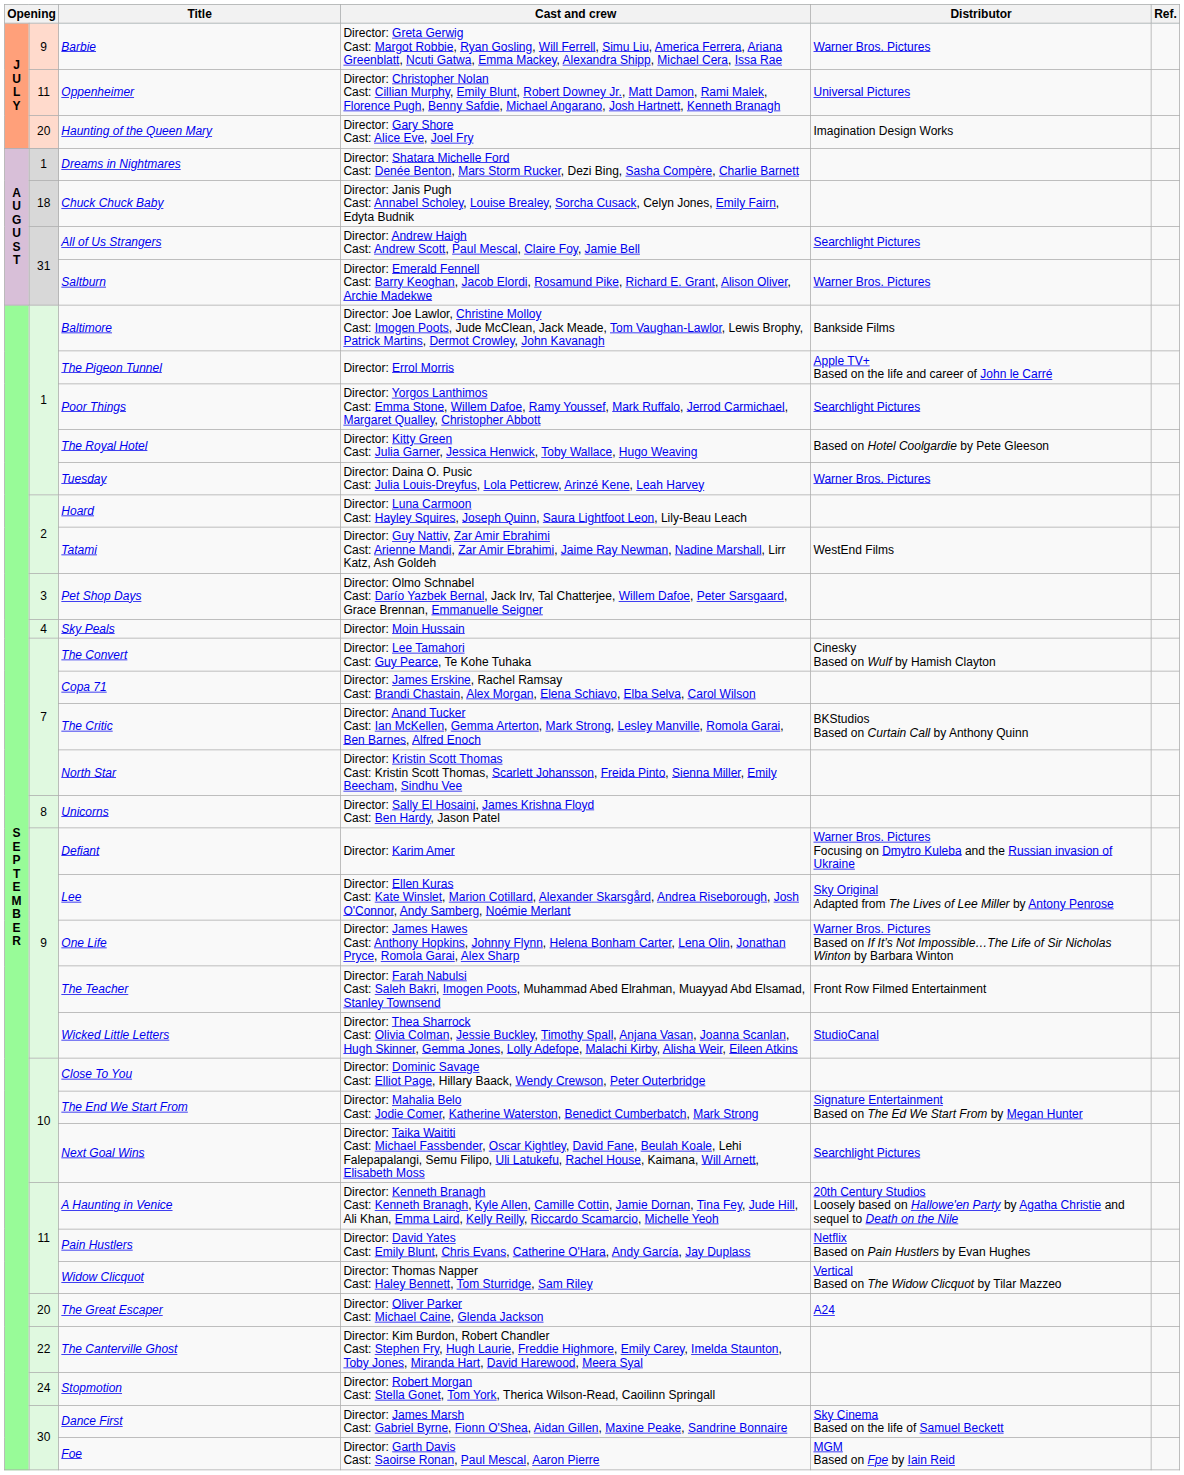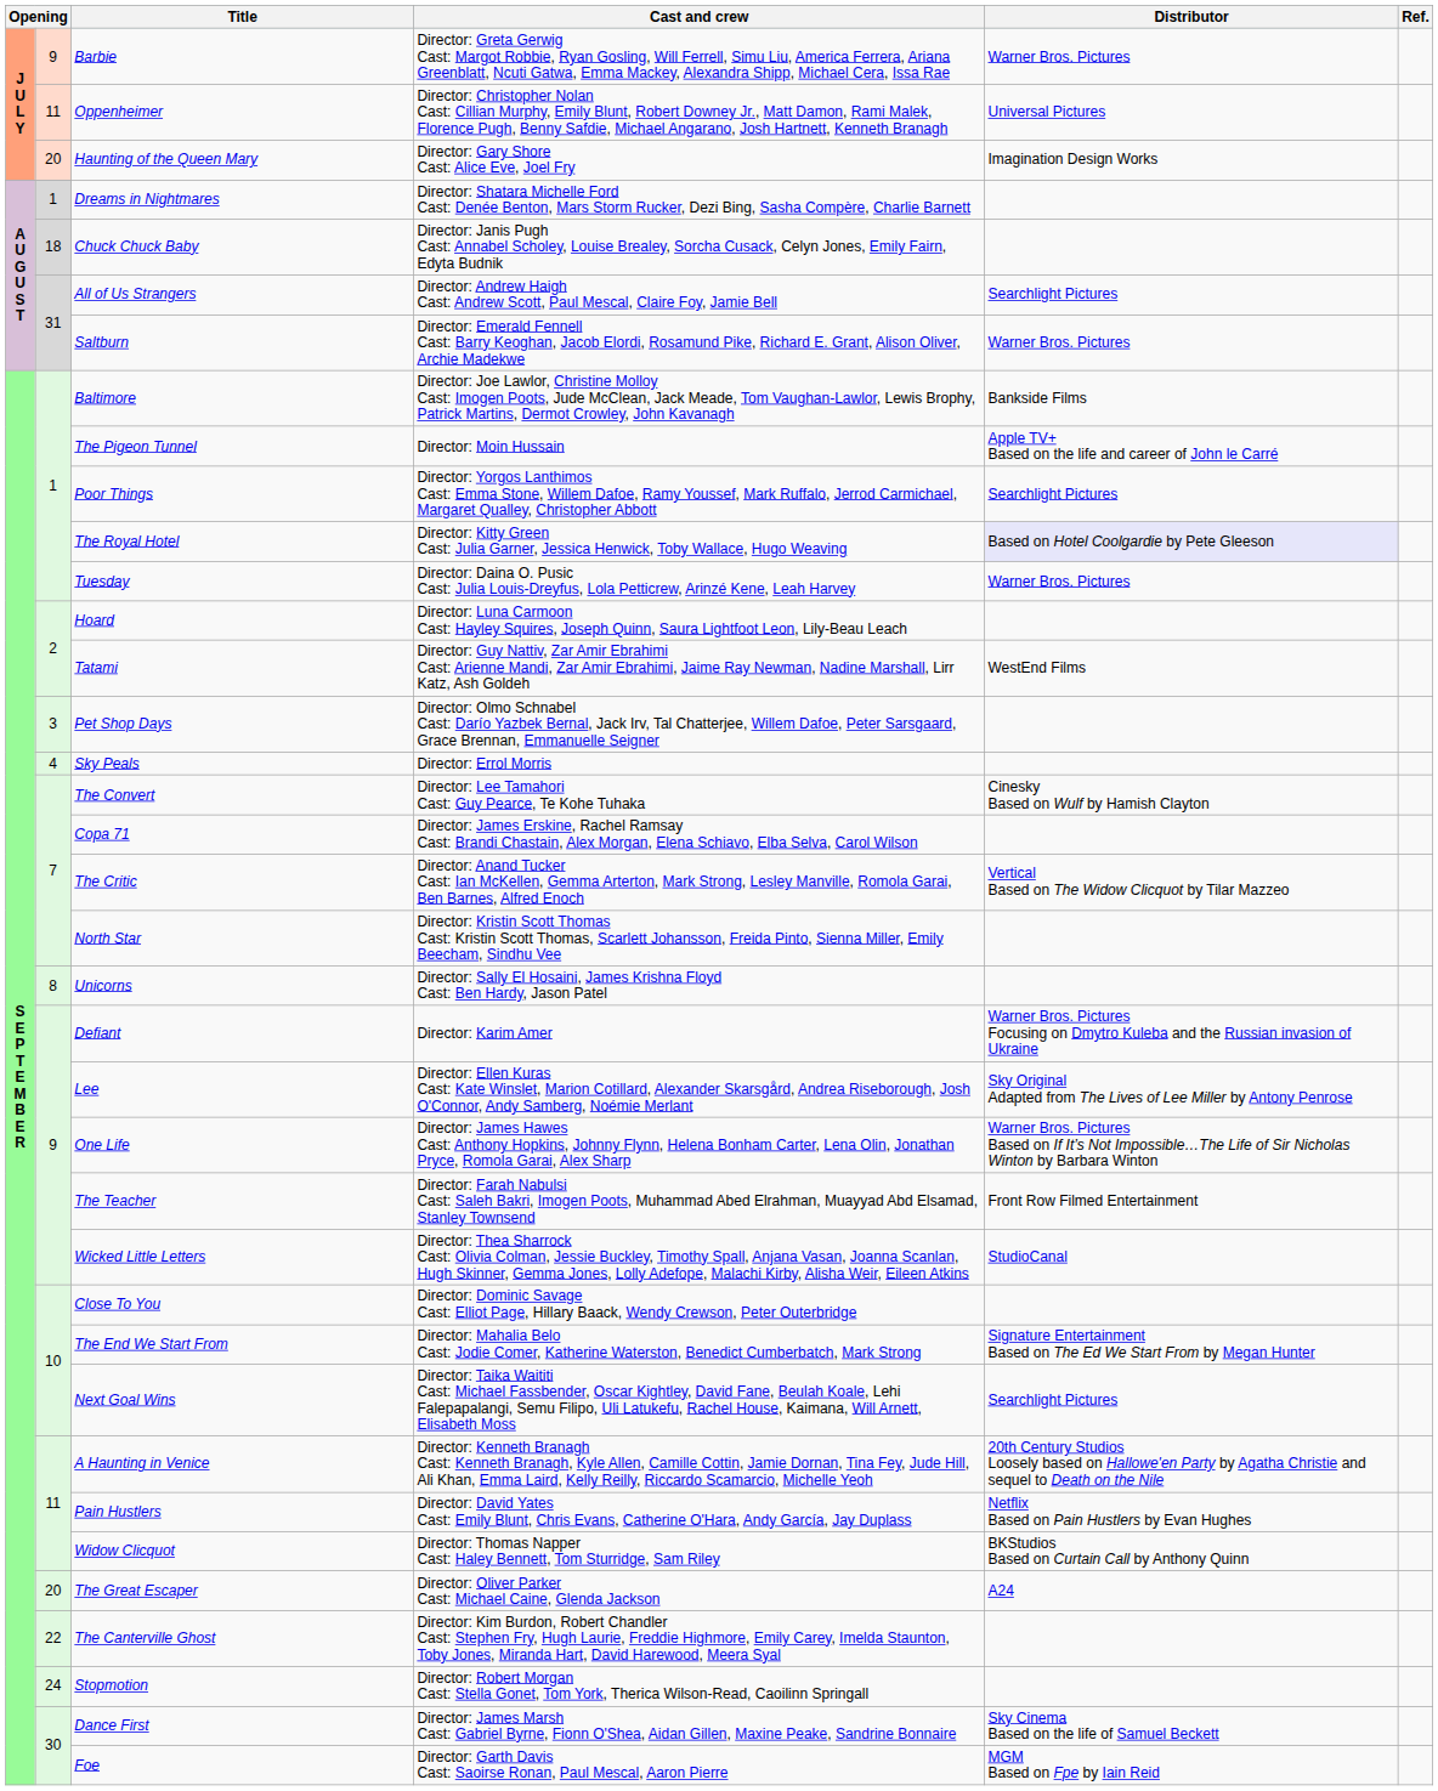 <table class="wikitable">
 <tr style="background:#b0e0e6; text-align:center;">
 <th colspan="2">Opening</th>
 <th style="width:24%;">Title</th>
 <th style="width:40%;">Cast and crew</th>
 <th>Distributor</th>
 <th style="width:2%;">Ref.</th>
 </tr>
 <tr>
 <th rowspan="3" style="text-align:center; background:#ffa07a; textcolor:#000;">J<br>U<br>L<br>Y<br></th>
 <td rowspan="1" style="text-align:center; background:#ffdacc;">9</td>
 <td><em><a href='#'>Barbie</a></em></td>
 <td>Director: <a href='#'>Greta Gerwig</a> <br> Cast: <a href='#'>Margot Robbie</a>, <a href='#'>Ryan Gosling</a>, <a href='#'>Will Ferrell</a>, <a href='#'>Simu Liu</a>, <a href='#'>America Ferrera</a>, <a href='#'>Ariana Greenblatt</a>, <a href='#'>Ncuti Gatwa</a>, <a href='#'>Emma Mackey</a>, <a href='#'>Alexandra Shipp</a>, <a href='#'>Michael Cera</a>, <a href='#'>Issa Rae</a></td>
 <td><a href='#'>Warner Bros. Pictures</a></td>
 <td style="text-align:center"></td>
 </tr>
 <tr>
 <td rowspan="1" style="text-align:center; background:#ffdacc;">11</td>
 <td><em><a href='#'>Oppenheimer</a></em></td>
 <td>Director: <a href='#'>Christopher Nolan</a> <br> Cast: <a href='#'>Cillian Murphy</a>, <a href='#'>Emily Blunt</a>, <a href='#'>Robert Downey Jr.</a>, <a href='#'>Matt Damon</a>, <a href='#'>Rami Malek</a>, <a href='#'>Florence Pugh</a>, <a href='#'>Benny Safdie</a>, <a href='#'>Michael Angarano</a>, <a href='#'>Josh Hartnett</a>, <a href='#'>Kenneth Branagh</a></td>
 <td><a href='#'>Universal Pictures</a></td>
 <td style="text-align:center"></td>
 </tr>
 <tr>
 <td rowspan="1" style="text-align:center; background:#ffdacc;">20</td>
 <td><em><a href='#'>Haunting of the Queen Mary</a></em></td>
 <td>Director: <a href='#'>Gary Shore</a> <br> Cast: <a href='#'>Alice Eve</a>, <a href='#'>Joel Fry</a></td>
 <td>Imagination Design Works</td>
 <td style="text-align:center"></td>
 </tr>
 <tr>
 <th rowspan="4" style="text-align:center; background:thistle; textcolor:#000;">A<br>U<br>G<br>U<br>S<br>T</th>
 <td rowspan="1" style="text-align:center; background:#d8d8d8;">1</td>
 <td><em><a href='#'>Dreams in Nightmares</a></em></td>
 <td>Director: <a href='#'>Shatara Michelle Ford</a> <br> Cast: <a href='#'>Denée Benton</a>, <a href='#'>Mars Storm Rucker</a>, Dezi Bing, <a href='#'>Sasha Compère</a>, <a href='#'>Charlie Barnett</a></td>
 <td></td>
 <td></td>
 </tr>
 <tr>
 <td rowspan="1" style="text-align:center; background:#d8d8d8;">18</td>
 <td><em><a href='#'>Chuck Chuck Baby</a></em></td>
 <td>Director: Janis Pugh <br> Cast: <a href='#'>Annabel Scholey</a>, <a href='#'>Louise Brealey</a>, <a href='#'>Sorcha Cusack</a>, Celyn Jones, <a href='#'>Emily Fairn</a>, Edyta Budnik</td>
 <td></td>
 <td style="text-align:center"></td>
 </tr>
 <tr>
 <td rowspan="2" style="text-align:center; background:#d8d8d8;">31</td>
 <td><em><a href='#'>All of Us Strangers</a></em></td>
 <td>Director: <a href='#'>Andrew Haigh</a> <br> Cast: <a href='#'>Andrew Scott</a>, <a href='#'>Paul Mescal</a>, <a href='#'>Claire Foy</a>, <a href='#'>Jamie Bell</a></td>
 <td><a href='#'>Searchlight Pictures</a></td>
 <td style="text-align:center"></td>
 </tr>
 <tr>
 <td><em><a href='#'>Saltburn</a></em></td>
 <td>Director: <a href='#'>Emerald Fennell</a> <br> Cast: <a href='#'>Barry Keoghan</a>, <a href='#'>Jacob Elordi</a>, <a href='#'>Rosamund Pike</a>, <a href='#'>Richard E. Grant</a>, <a href='#'>Alison Oliver</a>, <a href='#'>Archie Madekwe</a></td>
 <td><a href='#'>Warner Bros. Pictures</a></td>
 <td style="text-align:center"></td>
 </tr>
 <tr>
 <th rowspan="30" style="text-align:center; background:#98fb98; textcolor:#000;">S<br>E<br>P<br>T<br>E<br>M<br>B<br>E<br>R</th>
 <td rowspan="5" style="text-align:center; background:#e0f9e0;">1</td>
 <td><em><a href='#'>Baltimore</a></em></td>
 <td>Director: Joe Lawlor, <a href='#'>Christine Molloy</a> <br> Cast: <a href='#'>Imogen Poots</a>, Jude McClean, Jack Meade, <a href='#'>Tom Vaughan-Lawlor</a>, Lewis Brophy, <a href='#'>Patrick Martins</a>, <a href='#'>Dermot Crowley</a>, <a href='#'>John Kavanagh</a></td>
 <td>Bankside Films</td>
 <td></td>
 </tr>
 <tr>
 <td><em><a href='#'>The Pigeon Tunnel</a></em></td>
-<td>Director: <a href='#'>Errol Morris</a></td>
+<td>Director: <a href='#'>Moin Hussain</a></td>
 <td><a href='#'>Apple TV+</a> <br> Based on the life and career of <a href='#'>John le Carré</a></td>
 <td style="text-align:center"></td>
 </tr>
 <tr>
 <td><em><a href='#'>Poor Things</a></em></td>
 <td>Director: <a href='#'>Yorgos Lanthimos</a> <br> Cast: <a href='#'>Emma Stone</a>, <a href='#'>Willem Dafoe</a>, <a href='#'>Ramy Youssef</a>, <a href='#'>Mark Ruffalo</a>, <a href='#'>Jerrod Carmichael</a>, <a href='#'>Margaret Qualley</a>, <a href='#'>Christopher Abbott</a></td>
 <td><a href='#'>Searchlight Pictures</a></td>
 <td style="text-align:center"></td>
 </tr>
 <tr>
 <td><em><a href='#'>The Royal Hotel</a></em></td>
 <td>Director: <a href='#'>Kitty Green</a> <br> Cast: <a href='#'>Julia Garner</a>, <a href='#'>Jessica Henwick</a>, <a href='#'>Toby Wallace</a>, <a href='#'>Hugo Weaving</a></td>
-<td>Based on <em>Hotel Coolgardie</em> by Pete Gleeson</td>
+<td style="background: lavender;">Based on <em>Hotel Coolgardie</em> by Pete Gleeson</td>
 <td></td>
 </tr>
 <tr>
 <td><em><a href='#'>Tuesday</a></em></td>
 <td>Director: Daina O. Pusic <br> Cast: <a href='#'>Julia Louis-Dreyfus</a>, <a href='#'>Lola Petticrew</a>, <a href='#'>Arinzé Kene</a>, <a href='#'>Leah Harvey</a></td>
 <td><a href='#'>Warner Bros. Pictures</a></td>
 <td style="text-align:center"></td>
 </tr>
 <tr>
 <td rowspan="2" style="text-align:center; background:#e0f9e0;">2</td>
 <td><em><a href='#'>Hoard</a></em></td>
 <td>Director: <a href='#'>Luna Carmoon</a> <br> Cast: <a href='#'>Hayley Squires</a>, <a href='#'>Joseph Quinn</a>, <a href='#'>Saura Lightfoot Leon</a>, Lily-Beau Leach</td>
 <td></td>
 <td style="text-align:center"></td>
 </tr>
 <tr>
 <td><em><a href='#'>Tatami</a></em></td>
 <td>Director: <a href='#'>Guy Nattiv</a>, <a href='#'>Zar Amir Ebrahimi</a> <br> Cast: <a href='#'>Arienne Mandi</a>, <a href='#'>Zar Amir Ebrahimi</a>, <a href='#'>Jaime Ray Newman</a>, <a href='#'>Nadine Marshall</a>, Lirr Katz, Ash Goldeh</td>
 <td>WestEnd Films</td>
 <td style="text-align:center"></td>
 </tr>
 <tr>
 <td rowspan="1" style="text-align:center; background:#e0f9e0;">3</td>
 <td><em><a href='#'>Pet Shop Days</a></em></td>
 <td>Director: Olmo Schnabel <br> Cast: <a href='#'>Darío Yazbek Bernal</a>, Jack Irv, Tal Chatterjee, <a href='#'>Willem Dafoe</a>, <a href='#'>Peter Sarsgaard</a>, Grace Brennan, <a href='#'>Emmanuelle Seigner</a></td>
 <td></td>
 <td style="text-align:center"></td>
 </tr>
 <tr>
 <td rowspan="1" style="text-align:center; background:#e0f9e0;">4</td>
 <td><em><a href='#'>Sky Peals</a></em></td>
-<td>Director: <a href='#'>Moin Hussain</a></td>
+<td>Director: <a href='#'>Errol Morris</a></td>
 <td></td>
 <td></td>
 </tr>
 <tr>
 <td rowspan="4" style="text-align:center; background:#e0f9e0;">7</td>
 <td><em><a href='#'>The Convert</a></em></td>
 <td>Director: <a href='#'>Lee Tamahori</a> <br> Cast: <a href='#'>Guy Pearce</a>, Te Kohe Tuhaka</td>
 <td>Cinesky <br> Based on <em>Wulf</em> by Hamish Clayton</td>
 <td></td>
 </tr>
 <tr>
 <td><em><a href='#'>Copa 71</a></em></td>
 <td>Director: <a href='#'>James Erskine</a>, Rachel Ramsay <br> Cast: <a href='#'>Brandi Chastain</a>, <a href='#'>Alex Morgan</a>, <a href='#'>Elena Schiavo</a>, <a href='#'>Elba Selva</a>, <a href='#'>Carol Wilson</a></td>
 <td></td>
 <td></td>
 </tr>
 <tr>
 <td><em><a href='#'>The Critic</a></em></td>
 <td>Director: <a href='#'>Anand Tucker</a> <br> Cast: <a href='#'>Ian McKellen</a>, <a href='#'>Gemma Arterton</a>, <a href='#'>Mark Strong</a>, <a href='#'>Lesley Manville</a>, <a href='#'>Romola Garai</a>, <a href='#'>Ben Barnes</a>, <a href='#'>Alfred Enoch</a></td>
-<td>BKStudios <br> Based on <em>Curtain Call</em> by Anthony Quinn</td>
+<td><a href='#'>Vertical</a> <br> Based on <em>The Widow Clicquot</em> by Tilar Mazzeo</td>
 <td style="text-align:center"></td>
 </tr>
 <tr>
 <td><em><a href='#'>North Star</a></em></td>
 <td>Director: <a href='#'>Kristin Scott Thomas</a> <br> Cast: Kristin Scott Thomas, <a href='#'>Scarlett Johansson</a>, <a href='#'>Freida Pinto</a>, <a href='#'>Sienna Miller</a>, <a href='#'>Emily Beecham</a>, <a href='#'>Sindhu Vee</a></td>
 <td></td>
 <td style="text-align:center"></td>
 </tr>
 <tr>
 <td rowspan="1" style="text-align:center; background:#e0f9e0;">8</td>
 <td><em><a href='#'>Unicorns</a></em></td>
 <td>Director: <a href='#'>Sally El Hosaini</a>, <a href='#'>James Krishna Floyd</a> <br> Cast: <a href='#'>Ben Hardy</a>, Jason Patel</td>
 <td></td>
 <td style="text-align:center"></td>
 </tr>
 <tr>
 <td rowspan="5" style="text-align:center; background:#e0f9e0;">9</td>
 <td><em><a href='#'>Defiant</a></em></td>
 <td>Director: <a href='#'>Karim Amer</a></td>
 <td><a href='#'>Warner Bros. Pictures</a> <br> Focusing on <a href='#'>Dmytro Kuleba</a> and the <a href='#'>Russian invasion of Ukraine</a></td>
 <td style="text-align:center"></td>
 </tr>
 <tr>
 <td><em><a href='#'>Lee</a></em></td>
 <td>Director: <a href='#'>Ellen Kuras</a> <br> Cast: <a href='#'>Kate Winslet</a>, <a href='#'>Marion Cotillard</a>, <a href='#'>Alexander Skarsgård</a>, <a href='#'>Andrea Riseborough</a>, <a href='#'>Josh O'Connor</a>, <a href='#'>Andy Samberg</a>, <a href='#'>Noémie Merlant</a></td>
 <td><a href='#'>Sky Original</a> <br> Adapted from <em>The Lives of Lee Miller</em> by <a href='#'>Antony Penrose</a></td>
 <td style="text-align:center"></td>
 </tr>
 <tr>
 <td><em><a href='#'>One Life</a></em></td>
 <td>Director: <a href='#'>James Hawes</a> <br> Cast: <a href='#'>Anthony Hopkins</a>, <a href='#'>Johnny Flynn</a>, <a href='#'>Helena Bonham Carter</a>, <a href='#'>Lena Olin</a>, <a href='#'>Jonathan Pryce</a>, <a href='#'>Romola Garai</a>, <a href='#'>Alex Sharp</a></td>
 <td><a href='#'>Warner Bros. Pictures</a> <br> Based on <em>If It’s Not Impossible…The Life of Sir Nicholas Winton</em> by Barbara Winton</td>
 <td style="text-align:center"></td>
 </tr>
 <tr>
 <td><em><a href='#'>The Teacher</a></em></td>
 <td>Director: <a href='#'>Farah Nabulsi</a> <br> Cast: <a href='#'>Saleh Bakri</a>, <a href='#'>Imogen Poots</a>, Muhammad Abed Elrahman, Muayyad Abd Elsamad, <a href='#'>Stanley Townsend</a></td>
 <td>Front Row Filmed Entertainment <br></td>
 <td style="text-align:center"></td>
 </tr>
 <tr>
 <td><em><a href='#'>Wicked Little Letters</a></em></td>
 <td>Director: <a href='#'>Thea Sharrock</a> <br> Cast: <a href='#'>Olivia Colman</a>, <a href='#'>Jessie Buckley</a>, <a href='#'>Timothy Spall</a>, <a href='#'>Anjana Vasan</a>, <a href='#'>Joanna Scanlan</a>, <a href='#'>Hugh Skinner</a>, <a href='#'>Gemma Jones</a>, <a href='#'>Lolly Adefope</a>, <a href='#'>Malachi Kirby</a>, <a href='#'>Alisha Weir</a>, <a href='#'>Eileen Atkins</a></td>
 <td><a href='#'>StudioCanal</a></td>
 <td style="text-align:center"></td>
 </tr>
 <tr>
 <td rowspan="3" style="text-align:center; background:#e0f9e0;">10</td>
 <td><em><a href='#'>Close To You</a></em></td>
 <td>Director: <a href='#'>Dominic Savage</a> <br> Cast: <a href='#'>Elliot Page</a>, Hillary Baack, <a href='#'>Wendy Crewson</a>, <a href='#'>Peter Outerbridge</a></td>
 <td></td>
 <td style="text-align:center"></td>
 </tr>
 <tr>
 <td><em><a href='#'>The End We Start From</a></em></td>
 <td>Director: <a href='#'>Mahalia Belo</a> <br> Cast: <a href='#'>Jodie Comer</a>, <a href='#'>Katherine Waterston</a>, <a href='#'>Benedict Cumberbatch</a>, <a href='#'>Mark Strong</a></td>
 <td><a href='#'>Signature Entertainment</a> <br> Based on <em>The Ed We Start From</em> by <a href='#'>Megan Hunter</a></td>
 <td style="text-align:center"></td>
 </tr>
 <tr>
 <td><em><a href='#'>Next Goal Wins</a></em></td>
 <td>Director: <a href='#'>Taika Waititi</a> <br> Cast: <a href='#'>Michael Fassbender</a>, <a href='#'>Oscar Kightley</a>, <a href='#'>David Fane</a>, <a href='#'>Beulah Koale</a>, Lehi Falepapalangi, Semu Filipo, <a href='#'>Uli Latukefu</a>, <a href='#'>Rachel House</a>, Kaimana, <a href='#'>Will Arnett</a>, <a href='#'>Elisabeth Moss</a></td>
 <td><a href='#'>Searchlight Pictures</a></td>
 <td style="text-align:center"></td>
 </tr>
 <tr>
 <td rowspan="3" style="text-align:center; background:#e0f9e0;">11</td>
 <td><em><a href='#'>A Haunting in Venice</a></em></td>
 <td>Director: <a href='#'>Kenneth Branagh</a> <br> Cast: <a href='#'>Kenneth Branagh</a>, <a href='#'>Kyle Allen</a>, <a href='#'>Camille Cottin</a>, <a href='#'>Jamie Dornan</a>, <a href='#'>Tina Fey</a>, <a href='#'>Jude Hill</a>, Ali Khan, <a href='#'>Emma Laird</a>, <a href='#'>Kelly Reilly</a>, <a href='#'>Riccardo Scamarcio</a>, <a href='#'>Michelle Yeoh</a></td>
 <td><a href='#'>20th Century Studios</a> <br> Loosely based on <em><a href='#'>Hallowe'en Party</a></em> by <a href='#'>Agatha Christie</a> and sequel to <em><a href='#'>Death on the Nile</a></em></td>
 <td style="text-align:center"></td>
 </tr>
 <tr>
 <td><em><a href='#'>Pain Hustlers</a></em></td>
 <td>Director: <a href='#'>David Yates</a> <br> Cast: <a href='#'>Emily Blunt</a>, <a href='#'>Chris Evans</a>, <a href='#'>Catherine O'Hara</a>, <a href='#'>Andy García</a>, <a href='#'>Jay Duplass</a></td>
 <td><a href='#'>Netflix</a> <br> Based on <em>Pain Hustlers</em> by Evan Hughes</td>
 <td style="text-align:center"></td>
 </tr>
 <tr>
 <td><em><a href='#'>Widow Clicquot</a></em></td>
 <td>Director: Thomas Napper <br> Cast: <a href='#'>Haley Bennett</a>, <a href='#'>Tom Sturridge</a>, <a href='#'>Sam Riley</a></td>
-<td><a href='#'>Vertical</a> <br> Based on <em>The Widow Clicquot</em> by Tilar Mazzeo</td>
+<td>BKStudios <br> Based on <em>Curtain Call</em> by Anthony Quinn</td>
 <td></td>
 </tr>
 <tr>
 <td rowspan="1" style="text-align:center; background:#e0f9e0;">20</td>
 <td><em><a href='#'>The Great Escaper</a></em></td>
 <td>Director: <a href='#'>Oliver Parker</a> <br> Cast: <a href='#'>Michael Caine</a>, <a href='#'>Glenda Jackson</a></td>
 <td><a href='#'>A24</a></td>
 <td></td>
 </tr>
 <tr>
 <td rowspan="1" style="text-align:center; background:#e0f9e0;">22</td>
 <td><em><a href='#'>The Canterville Ghost</a></em></td>
 <td>Director: Kim Burdon, Robert Chandler <br> Cast: <a href='#'>Stephen Fry</a>, <a href='#'>Hugh Laurie</a>, <a href='#'>Freddie Highmore</a>, <a href='#'>Emily Carey</a>, <a href='#'>Imelda Staunton</a>, <a href='#'>Toby Jones</a>, <a href='#'>Miranda Hart</a>, <a href='#'>David Harewood</a>, <a href='#'>Meera Syal</a></td>
 <td></td>
 <td style="text-align:center"></td>
 </tr>
 <tr>
 <td rowspan="1" style="text-align:center; background:#e0f9e0;">24</td>
 <td><em><a href='#'>Stopmotion</a></em></td>
 <td>Director: <a href='#'>Robert Morgan</a> <br> Cast: <a href='#'>Stella Gonet</a>, <a href='#'>Tom York</a>, Therica Wilson-Read, Caoilinn Springall</td>
 <td></td>
 <td></td>
 </tr>
 <tr>
 <td rowspan="2" style="text-align:center; background:#e0f9e0;">30</td>
 <td><em><a href='#'>Dance First</a></em></td>
 <td>Director: <a href='#'>James Marsh</a> <br> Cast: <a href='#'>Gabriel Byrne</a>, <a href='#'>Fionn O'Shea</a>, <a href='#'>Aidan Gillen</a>, <a href='#'>Maxine Peake</a>, <a href='#'>Sandrine Bonnaire</a></td>
 <td><a href='#'>Sky Cinema</a> <br> Based on the life of <a href='#'>Samuel Beckett</a></td>
 <td style="text-align:center"></td>
 </tr>
 <tr>
 <td><em><a href='#'>Foe</a></em></td>
 <td>Director: <a href='#'>Garth Davis</a> <br> Cast: <a href='#'>Saoirse Ronan</a>, <a href='#'>Paul Mescal</a>, <a href='#'>Aaron Pierre</a></td>
 <td><a href='#'>MGM</a> <br> Based on <em><a href='#'>Fpe</a></em> by <a href='#'>Iain Reid</a></td>
 <td style="text-align:center"></td>
 </tr>
 </table>
